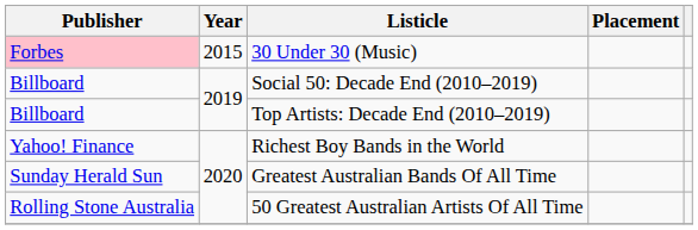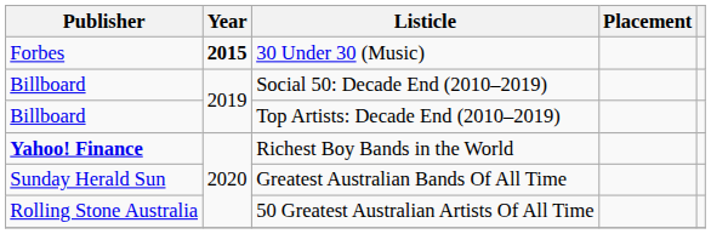 <table class="wikitable plainrowheaders sortable" style="margin-right: 0;">
 <tr>
 <th scope="col">Publisher</th>
 <th scope="col">Year</th>
 <th scope="col">Listicle</th>
 <th scope="col">Placement</th>
 <th scope="col" class="unsortable"></th>
 </tr>
 <tr>
-<td style="background: pink;"><a href='#'>Forbes</a></td>
-<td>2015</td>
+<td><a href='#'>Forbes</a></td>
+<td><strong>2015</strong></td>
 <td><a href='#'>30 Under 30</a> (Music)</td>
 <td></td>
 <td style="text-align:center;"></td>
 </tr>
 <tr>
 <td><a href='#'>Billboard</a></td>
 <td rowspan="2">2019</td>
 <td>Social 50: Decade End (2010–2019)</td>
 <td></td>
 <td></td>
 </tr>
 <tr>
 <td><a href='#'>Billboard</a></td>
 <td>Top Artists: Decade End (2010–2019)</td>
 <td></td>
 <td style="text-align:center;"></td>
 </tr>
 <tr>
-<td><a href='#'>Yahoo! Finance</a></td>
+<td><strong><a href='#'>Yahoo! Finance</a></strong></td>
 <td rowspan="3">2020</td>
 <td>Richest Boy Bands in the World</td>
 <td></td>
 <td></td>
 </tr>
 <tr>
 <td><a href='#'>Sunday Herald Sun</a></td>
 <td>Greatest Australian Bands Of All Time</td>
 <td></td>
 <td style="text-align:center;"></td>
 </tr>
 <tr>
 <td><a href='#'>Rolling Stone Australia</a></td>
 <td>50 Greatest Australian Artists Of All Time</td>
 <td></td>
 <td></td>
 </tr>
 <tr>
 </tr>
 </table>
